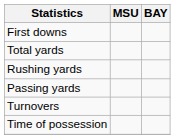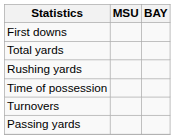 <table class="wikitable">
 <tr>
 <th>Statistics</th>
 <th>MSU</th>
 <th>BAY</th>
 </tr>
 <tr>
 <td>First downs</td>
 <td></td>
 <td></td>
 </tr>
 <tr>
 <td>Total yards</td>
 <td></td>
 <td></td>
 </tr>
 <tr>
 <td>Rushing yards</td>
 <td></td>
 <td></td>
 </tr>
 <tr>
-<td>Passing yards</td>
+<td>Time of possession</td>
 <td></td>
 <td></td>
 </tr>
 <tr>
 <td>Turnovers</td>
 <td></td>
 <td></td>
 </tr>
 <tr>
-<td>Time of possession</td>
+<td>Passing yards</td>
 <td></td>
 <td></td>
 </tr>
 <tr>
 </tr>
 </table>
